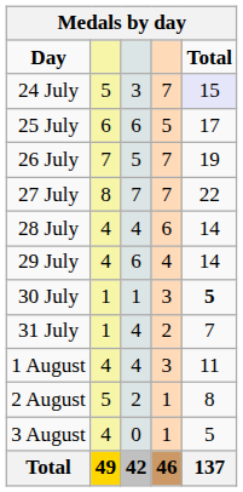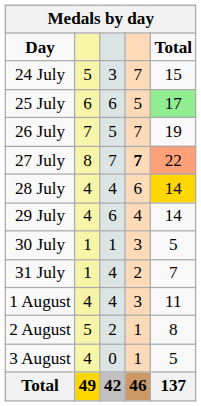 <table class="wikitable" style="font-size:85%; float:right">
 <tr align=center>
 <th colspan=5>Medals by day</th>
 </tr>
 <tr align=center>
 <td><strong>Day</strong></td>
 <td bgcolor=#f7f6a8></td>
 <td bgcolor=#dce5e5></td>
 <td bgcolor=#ffdab9></td>
 <td><strong>Total</strong></td>
 </tr>
 <tr align=center>
 <td>24 July</td>
 <td bgcolor=#f7f6a8>5</td>
 <td bgcolor=#dce5e5>3</td>
 <td bgcolor=#ffdab9>7</td>
-<td style="background: lavender;">15</td>
+<td>15</td>
 </tr>
 <tr align=center>
 <td>25 July</td>
 <td bgcolor=#f7f6a8>6</td>
 <td bgcolor=#dce5e5>6</td>
 <td bgcolor=#ffdab9>5</td>
-<td>17</td>
+<td style="background: lightgreen;">17</td>
 </tr>
 <tr align=center>
 <td>26 July</td>
 <td bgcolor=#f7f6a8>7</td>
 <td bgcolor=#dce5e5>5</td>
 <td bgcolor=#ffdab9>7</td>
 <td>19</td>
 </tr>
 <tr align=center>
 <td>27 July</td>
 <td bgcolor=#f7f6a8>8</td>
 <td bgcolor=#dce5e5>7</td>
-<td bgcolor=#ffdab9>7</td>
-<td>22</td>
+<td bgcolor=#ffdab9><strong>7</strong></td>
+<td style="background: lightsalmon;">22</td>
 </tr>
 <tr align=center>
 <td>28 July</td>
 <td bgcolor=#f7f6a8>4</td>
 <td bgcolor=#dce5e5>4</td>
 <td bgcolor=#ffdab9>6</td>
-<td>14</td>
+<td style="background: gold;">14</td>
 </tr>
 <tr align=center>
 <td>29 July</td>
 <td bgcolor=#f7f6a8>4</td>
 <td bgcolor=#dce5e5>6</td>
 <td bgcolor=#ffdab9>4</td>
 <td>14</td>
 </tr>
 <tr align=center>
 <td>30 July</td>
 <td bgcolor=#f7f6a8>1</td>
 <td bgcolor=#dce5e5>1</td>
 <td bgcolor=#ffdab9>3</td>
-<td><strong>5</strong></td>
+<td>5</td>
 </tr>
 <tr align=center>
 <td>31 July</td>
 <td bgcolor=#f7f6a8>1</td>
 <td bgcolor=#dce5e5>4</td>
 <td bgcolor=#ffdab9>2</td>
 <td>7</td>
 </tr>
 <tr align=center>
 <td>1 August</td>
 <td bgcolor=#f7f6a8>4</td>
 <td bgcolor=#dce5e5>4</td>
 <td bgcolor=#ffdab9>3</td>
 <td>11</td>
 </tr>
 <tr align=center>
 <td>2 August</td>
 <td bgcolor=#f7f6a8>5</td>
 <td bgcolor=#dce5e5>2</td>
 <td bgcolor=#ffdab9>1</td>
 <td>8</td>
 </tr>
 <tr align=center>
 <td>3 August</td>
 <td bgcolor=#f7f6a8>4</td>
 <td bgcolor=#dce5e5>0</td>
 <td bgcolor=#ffdab9>1</td>
 <td>5</td>
 </tr>
 <tr align=center>
 <th bgcolor=#efefef>Total</th>
 <th style="background:gold;">49</th>
 <th style="background:silver;">42</th>
 <th style="background:#c96;">46</th>
 <th>137</th>
 </tr>
 </table>
